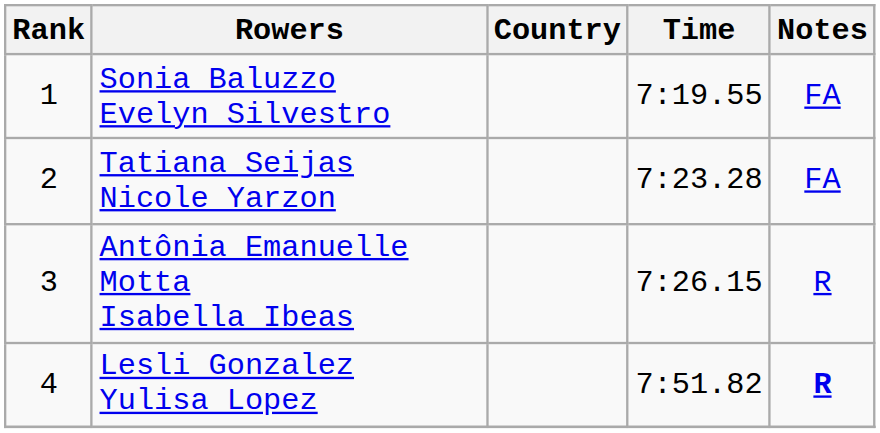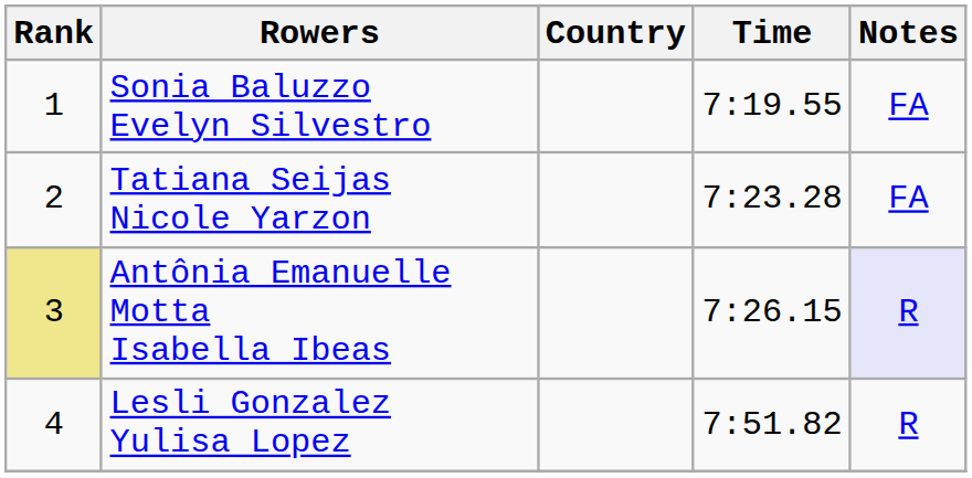 <table class="wikitable" width=60% style="text-align:center">
 <tr>
 <th>Rank</th>
 <th>Rowers</th>
 <th>Country</th>
 <th>Time</th>
 <th>Notes</th>
 </tr>
 <tr>
 <td>1</td>
 <td align=left><a href='#'>Sonia Baluzzo</a><br><a href='#'>Evelyn Silvestro</a></td>
 <td align=left></td>
 <td>7:19.55</td>
 <td><a href='#'>FA</a></td>
 </tr>
 <tr>
 <td>2</td>
 <td align=left><a href='#'>Tatiana Seijas</a><br><a href='#'>Nicole Yarzon</a></td>
 <td align=left></td>
 <td>7:23.28</td>
 <td><a href='#'>FA</a></td>
 </tr>
 <tr>
-<td>3</td>
+<td style="background: khaki;">3</td>
 <td align=left><a href='#'>Antônia Emanuelle Motta</a><br><a href='#'>Isabella Ibeas</a></td>
 <td align=left></td>
 <td>7:26.15</td>
-<td><a href='#'>R</a></td>
+<td style="background: lavender;"><a href='#'>R</a></td>
 </tr>
 <tr>
 <td>4</td>
 <td align=left><a href='#'>Lesli Gonzalez</a><br><a href='#'>Yulisa Lopez</a></td>
 <td align=left></td>
 <td>7:51.82</td>
-<td><strong><a href='#'>R</a></strong></td>
+<td><a href='#'>R</a></td>
 </tr>
 <tr>
 </tr>
 </table>
